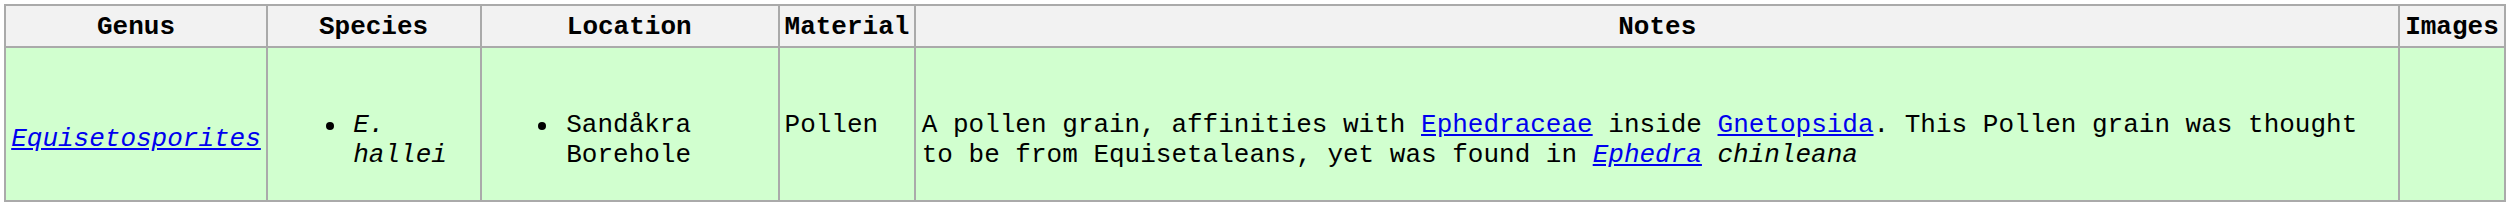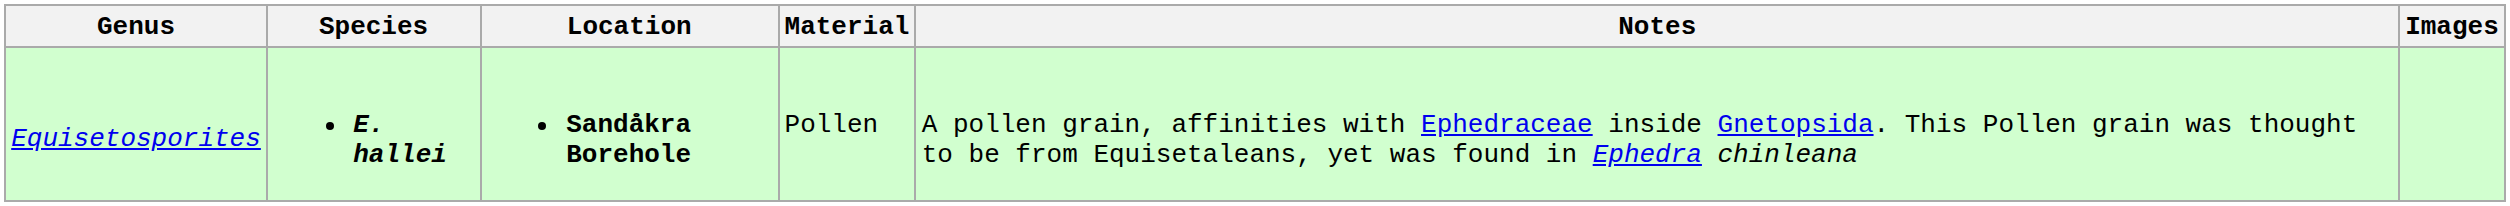 <table class="wikitable sortable">
 <tr>
 <th>Genus</th>
 <th>Species</th>
 <th>Location</th>
 <th>Material</th>
 <th>Notes</th>
 <th>Images</th>
 </tr>
 <tr>
 <td style="background:#D1FFCF;"><br><em><a href='#'>Equisetosporites</a></em></td>
-<td style="background:#D1FFCF;"><br><ul><li><em>E. hallei</em></li></ul></td>
-<td style="background:#D1FFCF;"><br><ul><li>Sandåkra Borehole</li></ul></td>
+<td style="background:#D1FFCF;"><strong><br><ul><li><em>E. hallei</em></li></ul></strong></td>
+<td style="background:#D1FFCF;"><strong><br><ul><li>Sandåkra Borehole</li></ul></strong></td>
 <td style="background:#D1FFCF;">Pollen</td>
 <td style="background:#D1FFCF;"><br>A pollen grain, affinities with <a href='#'>Ephedraceae</a> inside <a href='#'>Gnetopsida</a>. This Pollen grain was thought to be from Equisetaleans, yet was found in <em><a href='#'>Ephedra</a> chinleana</em></td>
 <td style="background:#D1FFCF;"><br></td>
 </tr>
 <tr>
 </tr>
 </table>
